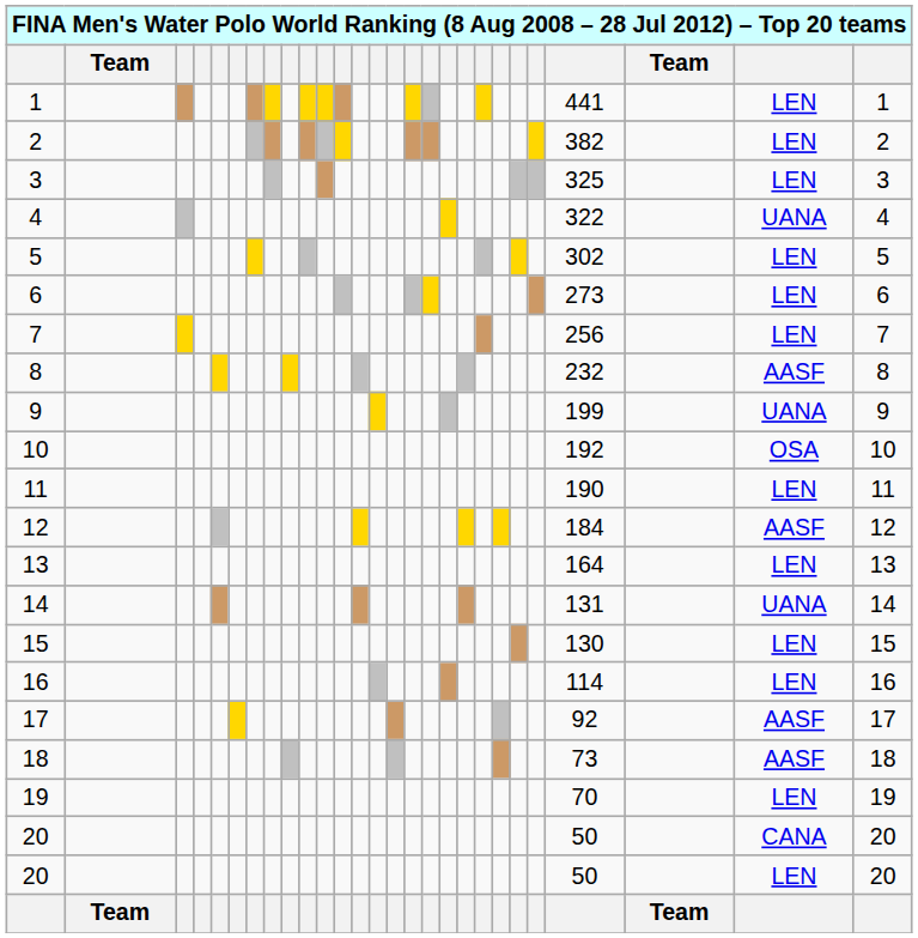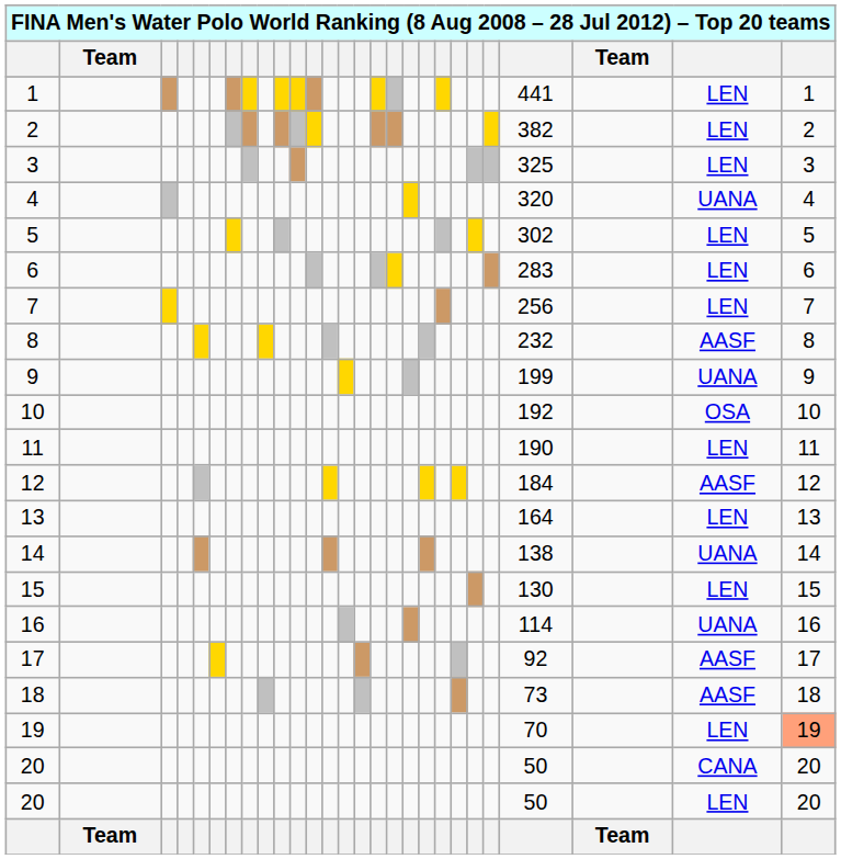 <table class="wikitable" style="text-align: center; font-size: 75%; margin-left: 1em;">
 <tr>
 <th colspan="27" style="background-color: #ccffff;">FINA Men's Water Polo World Ranking (8 Aug 2008 – 28 Jul 2012) – Top 20 teams</th>
 </tr>
 <tr>
 <th></th>
 <th>Team</th>
 <th><a href='#'></a></th>
 <th><a href='#'></a></th>
 <th><a href='#'></a></th>
 <th><a href='#'></a></th>
 <th><a href='#'></a></th>
 <th><a href='#'></a></th>
 <th><a href='#'></a></th>
 <th><a href='#'></a></th>
 <th><a href='#'></a></th>
 <th><a href='#'></a></th>
 <th><a href='#'></a></th>
 <th><a href='#'></a></th>
 <th><a href='#'></a></th>
 <th><a href='#'></a></th>
 <th><a href='#'></a></th>
 <th><a href='#'></a></th>
 <th><a href='#'></a></th>
 <th><a href='#'></a></th>
 <th><a href='#'></a></th>
 <th><a href='#'></a></th>
 <th><a href='#'></a></th>
 <th></th>
 <th>Team</th>
 <th></th>
 <th></th>
 </tr>
 <tr>
 <td>1</td>
 <td style="text-align: left;"></td>
 <td style="background-color: #cc9966;"></td>
 <td></td>
 <td></td>
 <td></td>
 <td style="background-color: #cc9966;"></td>
 <td style="background-color: gold;"></td>
 <td></td>
 <td style="background-color: gold;"></td>
 <td style="background-color: gold;"></td>
 <td style="background-color: #cc9966;"></td>
 <td></td>
 <td></td>
 <td></td>
 <td style="background-color: gold;"></td>
 <td style="background-color: silver;"></td>
 <td></td>
 <td></td>
 <td style="background-color: gold;"></td>
 <td></td>
 <td></td>
 <td></td>
 <td>441</td>
 <td style="text-align: left;"></td>
 <td><a href='#'>LEN</a></td>
 <td>1</td>
 </tr>
 <tr>
 <td>2</td>
 <td style="text-align: left;"></td>
 <td></td>
 <td></td>
 <td></td>
 <td></td>
 <td style="background-color: silver;"></td>
 <td style="background-color: #cc9966;"></td>
 <td></td>
 <td style="background-color: #cc9966;"></td>
 <td style="background-color: silver;"></td>
 <td style="background-color: gold;"></td>
 <td></td>
 <td></td>
 <td></td>
 <td style="background-color: #cc9966;"></td>
 <td style="background-color: #cc9966;"></td>
 <td></td>
 <td></td>
 <td></td>
 <td></td>
 <td></td>
 <td style="background-color: gold;"></td>
 <td>382</td>
 <td style="text-align: left;"></td>
 <td><a href='#'>LEN</a></td>
 <td>2</td>
 </tr>
 <tr>
 <td>3</td>
 <td style="text-align: left;"></td>
 <td></td>
 <td></td>
 <td></td>
 <td></td>
 <td></td>
 <td style="background-color: silver;"></td>
 <td></td>
 <td></td>
 <td style="background-color: #cc9966;"></td>
 <td></td>
 <td></td>
 <td></td>
 <td></td>
 <td></td>
 <td></td>
 <td></td>
 <td></td>
 <td></td>
 <td></td>
 <td style="background-color: silver;"></td>
 <td style="background-color: silver;"></td>
 <td>325</td>
 <td style="text-align: left;"></td>
 <td><a href='#'>LEN</a></td>
 <td>3</td>
 </tr>
 <tr>
 <td>4</td>
 <td style="text-align: left;"></td>
 <td style="background-color: silver;"></td>
 <td></td>
 <td></td>
 <td></td>
 <td></td>
 <td></td>
 <td></td>
 <td></td>
 <td></td>
 <td></td>
 <td></td>
 <td></td>
 <td></td>
 <td></td>
 <td></td>
 <td style="background-color: gold;"></td>
 <td></td>
 <td></td>
 <td></td>
 <td></td>
 <td></td>
-<td>322</td>
+<td>320</td>
 <td style="text-align: left;"></td>
 <td><a href='#'>UANA</a></td>
 <td>4</td>
 </tr>
 <tr>
 <td>5</td>
 <td style="text-align: left;"></td>
 <td></td>
 <td></td>
 <td></td>
 <td></td>
 <td style="background-color: gold;"></td>
 <td></td>
 <td></td>
 <td style="background-color: silver;"></td>
 <td></td>
 <td></td>
 <td></td>
 <td></td>
 <td></td>
 <td></td>
 <td></td>
 <td></td>
 <td></td>
 <td style="background-color: silver;"></td>
 <td></td>
 <td style="background-color: gold;"></td>
 <td></td>
 <td>302</td>
 <td style="text-align: left;"></td>
 <td><a href='#'>LEN</a></td>
 <td>5</td>
 </tr>
 <tr>
 <td>6</td>
 <td style="text-align: left;"></td>
 <td></td>
 <td></td>
 <td></td>
 <td></td>
 <td></td>
 <td></td>
 <td></td>
 <td></td>
 <td></td>
 <td style="background-color: silver;"></td>
 <td></td>
 <td></td>
 <td></td>
 <td style="background-color: silver;"></td>
 <td style="background-color: gold;"></td>
 <td></td>
 <td></td>
 <td></td>
 <td></td>
 <td></td>
 <td style="background-color: #cc9966;"></td>
-<td>273</td>
+<td>283</td>
 <td style="text-align: left;"></td>
 <td><a href='#'>LEN</a></td>
 <td>6</td>
 </tr>
 <tr>
 <td>7</td>
 <td style="text-align: left;"></td>
 <td style="background-color: gold;"></td>
 <td></td>
 <td></td>
 <td></td>
 <td></td>
 <td></td>
 <td></td>
 <td></td>
 <td></td>
 <td></td>
 <td></td>
 <td></td>
 <td></td>
 <td></td>
 <td></td>
 <td></td>
 <td></td>
 <td style="background-color: #cc9966;"></td>
 <td></td>
 <td></td>
 <td></td>
 <td>256</td>
 <td style="text-align: left;"></td>
 <td><a href='#'>LEN</a></td>
 <td>7</td>
 </tr>
 <tr>
 <td>8</td>
 <td style="text-align: left;"></td>
 <td></td>
 <td></td>
 <td style="background-color: gold;"></td>
 <td></td>
 <td></td>
 <td></td>
 <td style="background-color: gold;"></td>
 <td></td>
 <td></td>
 <td></td>
 <td style="background-color: silver;"></td>
 <td></td>
 <td></td>
 <td></td>
 <td></td>
 <td></td>
 <td style="background-color: silver;"></td>
 <td></td>
 <td></td>
 <td></td>
 <td></td>
 <td>232</td>
 <td style="text-align: left;"></td>
 <td><a href='#'>AASF</a></td>
 <td>8</td>
 </tr>
 <tr>
 <td>9</td>
 <td style="text-align: left;"></td>
 <td></td>
 <td></td>
 <td></td>
 <td></td>
 <td></td>
 <td></td>
 <td></td>
 <td></td>
 <td></td>
 <td></td>
 <td></td>
 <td style="background-color: gold;"></td>
 <td></td>
 <td></td>
 <td></td>
 <td style="background-color: silver;"></td>
 <td></td>
 <td></td>
 <td></td>
 <td></td>
 <td></td>
 <td>199</td>
 <td style="text-align: left;"></td>
 <td><a href='#'>UANA</a></td>
 <td>9</td>
 </tr>
 <tr>
 <td>10</td>
 <td style="text-align: left;"></td>
 <td></td>
 <td></td>
 <td></td>
 <td></td>
 <td></td>
 <td></td>
 <td></td>
 <td></td>
 <td></td>
 <td></td>
 <td></td>
 <td></td>
 <td></td>
 <td></td>
 <td></td>
 <td></td>
 <td></td>
 <td></td>
 <td></td>
 <td></td>
 <td></td>
 <td>192</td>
 <td style="text-align: left;"></td>
 <td><a href='#'>OSA</a></td>
 <td>10</td>
 </tr>
 <tr>
 <td>11</td>
 <td style="text-align: left;"></td>
 <td></td>
 <td></td>
 <td></td>
 <td></td>
 <td></td>
 <td></td>
 <td></td>
 <td></td>
 <td></td>
 <td></td>
 <td></td>
 <td></td>
 <td></td>
 <td></td>
 <td></td>
 <td></td>
 <td></td>
 <td></td>
 <td></td>
 <td></td>
 <td></td>
 <td>190</td>
 <td style="text-align: left;"></td>
 <td><a href='#'>LEN</a></td>
 <td>11</td>
 </tr>
 <tr>
 <td>12</td>
 <td style="text-align: left;"></td>
 <td></td>
 <td></td>
 <td style="background-color: silver;"></td>
 <td></td>
 <td></td>
 <td></td>
 <td></td>
 <td></td>
 <td></td>
 <td></td>
 <td style="background-color: gold;"></td>
 <td></td>
 <td></td>
 <td></td>
 <td></td>
 <td></td>
 <td style="background-color: gold;"></td>
 <td></td>
 <td style="background-color: gold;"></td>
 <td></td>
 <td></td>
 <td>184</td>
 <td style="text-align: left;"></td>
 <td><a href='#'>AASF</a></td>
 <td>12</td>
 </tr>
 <tr>
 <td>13</td>
 <td style="text-align: left;"></td>
 <td></td>
 <td></td>
 <td></td>
 <td></td>
 <td></td>
 <td></td>
 <td></td>
 <td></td>
 <td></td>
 <td></td>
 <td></td>
 <td></td>
 <td></td>
 <td></td>
 <td></td>
 <td></td>
 <td></td>
 <td></td>
 <td></td>
 <td></td>
 <td></td>
 <td>164</td>
 <td style="text-align: left;"></td>
 <td><a href='#'>LEN</a></td>
 <td>13</td>
 </tr>
 <tr>
 <td>14</td>
 <td style="text-align: left;"></td>
 <td></td>
 <td></td>
 <td style="background-color: #cc9966;"></td>
 <td></td>
 <td></td>
 <td></td>
 <td></td>
 <td></td>
 <td></td>
 <td></td>
 <td style="background-color: #cc9966;"></td>
 <td></td>
 <td></td>
 <td></td>
 <td></td>
 <td></td>
 <td style="background-color: #cc9966;"></td>
 <td></td>
 <td></td>
 <td></td>
 <td></td>
-<td>131</td>
+<td>138</td>
 <td style="text-align: left;"></td>
 <td><a href='#'>UANA</a></td>
 <td>14</td>
 </tr>
 <tr>
 <td>15</td>
 <td style="text-align: left;"></td>
 <td></td>
 <td></td>
 <td></td>
 <td></td>
 <td></td>
 <td></td>
 <td></td>
 <td></td>
 <td></td>
 <td></td>
 <td></td>
 <td></td>
 <td></td>
 <td></td>
 <td></td>
 <td></td>
 <td></td>
 <td></td>
 <td></td>
 <td style="background-color: #cc9966;"></td>
 <td></td>
 <td>130</td>
 <td style="text-align: left;"></td>
 <td><a href='#'>LEN</a></td>
 <td>15</td>
 </tr>
 <tr>
 <td>16</td>
 <td style="text-align: left;"></td>
 <td></td>
 <td></td>
 <td></td>
 <td></td>
 <td></td>
 <td></td>
 <td></td>
 <td></td>
 <td></td>
 <td></td>
 <td></td>
 <td style="background-color: silver;"></td>
 <td></td>
 <td></td>
 <td></td>
 <td style="background-color: #cc9966;"></td>
 <td></td>
 <td></td>
 <td></td>
 <td></td>
 <td></td>
 <td>114</td>
 <td style="text-align: left;"></td>
-<td><a href='#'>LEN</a></td>
+<td><a href='#'>UANA</a></td>
 <td>16</td>
 </tr>
 <tr>
 <td>17</td>
 <td style="text-align: left;"></td>
 <td></td>
 <td></td>
 <td></td>
 <td style="background-color: gold;"></td>
 <td></td>
 <td></td>
 <td></td>
 <td></td>
 <td></td>
 <td></td>
 <td></td>
 <td></td>
 <td style="background-color: #cc9966;"></td>
 <td></td>
 <td></td>
 <td></td>
 <td></td>
 <td></td>
 <td style="background-color: silver;"></td>
 <td></td>
 <td></td>
 <td>92</td>
 <td style="text-align: left;"></td>
 <td><a href='#'>AASF</a></td>
 <td>17</td>
 </tr>
 <tr>
 <td>18</td>
 <td style="text-align: left;"></td>
 <td></td>
 <td></td>
 <td></td>
 <td></td>
 <td></td>
 <td></td>
 <td style="background-color: silver;"></td>
 <td></td>
 <td></td>
 <td></td>
 <td></td>
 <td></td>
 <td style="background-color: silver;"></td>
 <td></td>
 <td></td>
 <td></td>
 <td></td>
 <td></td>
 <td style="background-color: #cc9966;"></td>
 <td></td>
 <td></td>
 <td>73</td>
 <td style="text-align: left;"></td>
 <td><a href='#'>AASF</a></td>
 <td>18</td>
 </tr>
 <tr>
 <td>19</td>
 <td style="text-align: left;"></td>
 <td></td>
 <td></td>
 <td></td>
 <td></td>
 <td></td>
 <td></td>
 <td></td>
 <td></td>
 <td></td>
 <td></td>
 <td></td>
 <td></td>
 <td></td>
 <td></td>
 <td></td>
 <td></td>
 <td></td>
 <td></td>
 <td></td>
 <td></td>
 <td></td>
 <td>70</td>
 <td style="text-align: left;"></td>
 <td><a href='#'>LEN</a></td>
-<td>19</td>
+<td style="background: lightsalmon;">19</td>
 </tr>
 <tr>
 <td>20</td>
 <td style="text-align: left;"></td>
 <td></td>
 <td></td>
 <td></td>
 <td></td>
 <td></td>
 <td></td>
 <td></td>
 <td></td>
 <td></td>
 <td></td>
 <td></td>
 <td></td>
 <td></td>
 <td></td>
 <td></td>
 <td></td>
 <td></td>
 <td></td>
 <td></td>
 <td></td>
 <td></td>
 <td>50</td>
 <td style="text-align: left;"></td>
 <td><a href='#'>CANA</a></td>
 <td>20</td>
 </tr>
 <tr>
 <td>20</td>
 <td style="text-align: left;"></td>
 <td></td>
 <td></td>
 <td></td>
 <td></td>
 <td></td>
 <td></td>
 <td></td>
 <td></td>
 <td></td>
 <td></td>
 <td></td>
 <td></td>
 <td></td>
 <td></td>
 <td></td>
 <td></td>
 <td></td>
 <td></td>
 <td></td>
 <td></td>
 <td></td>
 <td>50</td>
 <td style="text-align: left;"></td>
 <td><a href='#'>LEN</a></td>
 <td>20</td>
 </tr>
 <tr>
 <th></th>
 <th>Team</th>
 <th><a href='#'></a></th>
 <th><a href='#'></a></th>
 <th><a href='#'></a></th>
 <th><a href='#'></a></th>
 <th><a href='#'></a></th>
 <th><a href='#'></a></th>
 <th><a href='#'></a></th>
 <th><a href='#'></a></th>
 <th><a href='#'></a></th>
 <th><a href='#'></a></th>
 <th><a href='#'></a></th>
 <th><a href='#'></a></th>
 <th><a href='#'></a></th>
 <th><a href='#'></a></th>
 <th><a href='#'></a></th>
 <th><a href='#'></a></th>
 <th><a href='#'></a></th>
 <th><a href='#'></a></th>
 <th><a href='#'></a></th>
 <th><a href='#'></a></th>
 <th><a href='#'></a></th>
 <th></th>
 <th>Team</th>
 <th></th>
 <th></th>
 </tr>
 </table>
